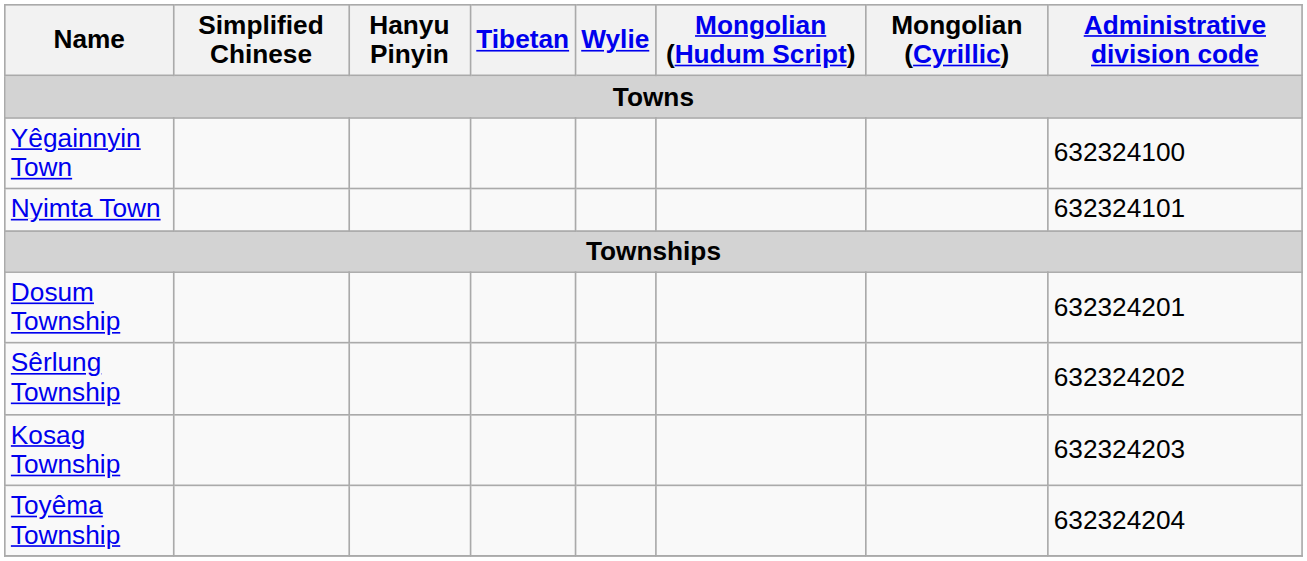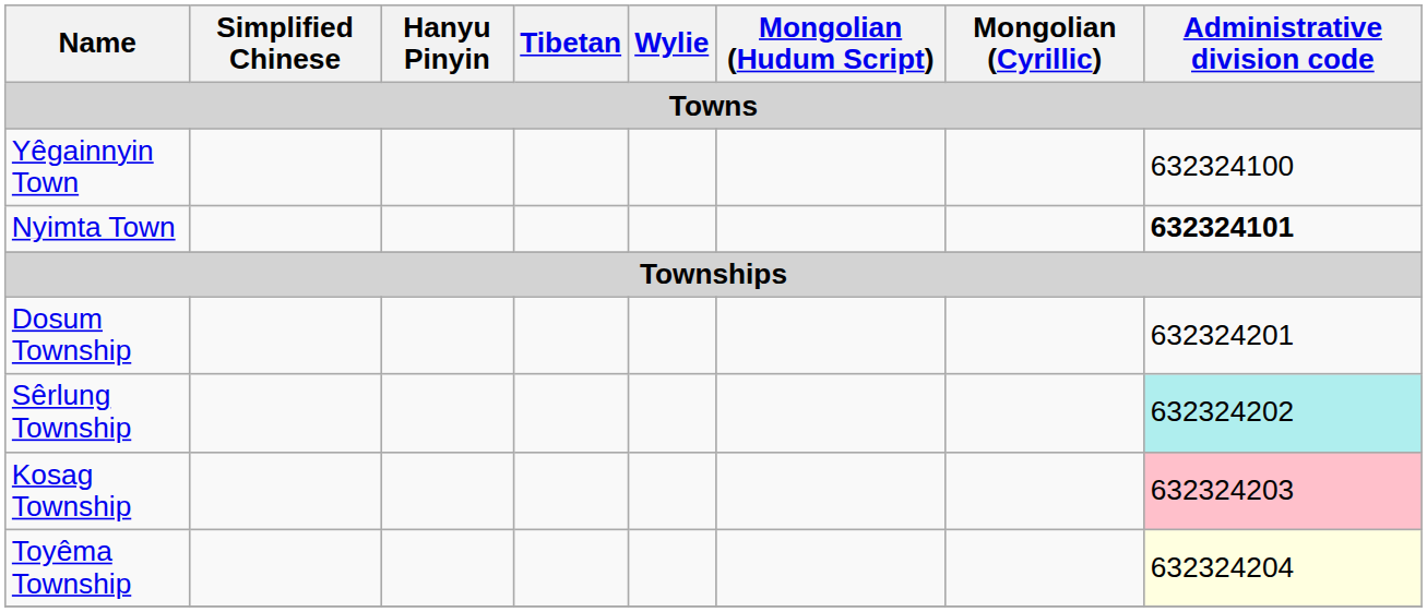 <table class="wikitable" align="center" style="width:50%; border="1">
 <tr>
 <th>Name</th>
 <th>Simplified Chinese</th>
 <th>Hanyu Pinyin</th>
 <th><a href='#'>Tibetan</a></th>
 <th><a href='#'>Wylie</a></th>
 <th><a href='#'>Mongolian</a> (<a href='#'>Hudum Script</a>)</th>
 <th>Mongolian (<a href='#'>Cyrillic</a>)</th>
 <th><a href='#'>Administrative division code</a></th>
 </tr>
 <tr>
 <td colspan="9"  style="text-align:center; background:#d3d3d3;"><strong>Towns</strong></td>
 </tr>
 <tr --------->
 <td><a href='#'>Yêgainnyin Town</a></td>
 <td></td>
 <td></td>
 <td></td>
 <td></td>
 <td></td>
 <td></td>
 <td>632324100</td>
 </tr>
 <tr>
 <td><a href='#'>Nyimta Town</a></td>
 <td></td>
 <td></td>
 <td></td>
 <td></td>
 <td></td>
 <td></td>
-<td>632324101</td>
+<td><strong>632324101</strong></td>
 </tr>
 <tr>
 <td colspan="9"  style="text-align:center; background:#d3d3d3;"><strong>Townships</strong></td>
 </tr>
 <tr --------->
 <td><a href='#'>Dosum Township</a></td>
 <td></td>
 <td></td>
 <td></td>
 <td></td>
 <td></td>
 <td></td>
 <td>632324201</td>
 </tr>
 <tr>
 <td><a href='#'>Sêrlung Township</a></td>
 <td></td>
 <td></td>
 <td></td>
 <td></td>
 <td></td>
 <td></td>
-<td>632324202</td>
+<td style="background: paleturquoise;">632324202</td>
 </tr>
 <tr>
 <td><a href='#'>Kosag Township</a></td>
 <td></td>
 <td></td>
 <td></td>
 <td></td>
 <td></td>
 <td></td>
-<td>632324203</td>
+<td style="background: pink;">632324203</td>
 </tr>
 <tr>
 <td><a href='#'>Toyêma Township</a></td>
 <td></td>
 <td></td>
 <td></td>
 <td></td>
 <td></td>
 <td></td>
-<td>632324204</td>
+<td style="background: lightyellow;">632324204</td>
 </tr>
 <tr>
 </tr>
 </table>
